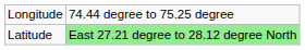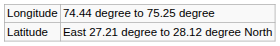 <table class="wikitable">
 <tr>
 <td>Longitude</td>
 <td>74.44 degree to 75.25 degree</td>
 </tr>
 <tr>
 <td>Latitude</td>
-<td style="background: lightgreen;">East 27.21 degree to 28.12 degree North</td>
+<td>East 27.21 degree to 28.12 degree North</td>
 </tr>
 </table>
